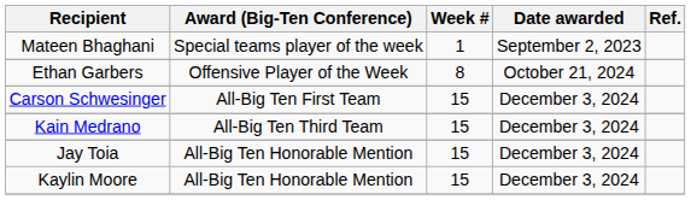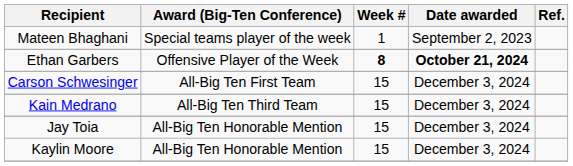 <table class="wikitable sortable" style="text-align:center">
 <tr>
 <th>Recipient</th>
 <th>Award (Big-Ten Conference)</th>
 <th>Week #</th>
 <th>Date awarded</th>
 <th>Ref.</th>
 </tr>
 <tr>
 <td>Mateen Bhaghani</td>
 <td>Special teams player of the week</td>
 <td>1</td>
 <td>September 2, 2023</td>
 <td></td>
 </tr>
 <tr>
 </tr>
 <tr>
 <td>Ethan Garbers</td>
 <td>Offensive Player of the Week</td>
-<td>8</td>
-<td>October 21, 2024</td>
+<td><strong>8</strong></td>
+<td><strong>October 21, 2024</strong></td>
 <td></td>
 </tr>
 <tr>
 </tr>
 <tr>
 <td><a href='#'>Carson Schwesinger</a></td>
 <td>All-Big Ten First Team</td>
 <td>15</td>
 <td>December 3, 2024</td>
 <td></td>
 </tr>
 <tr>
 </tr>
 <tr>
 <td><a href='#'>Kain Medrano</a></td>
 <td>All-Big Ten Third Team</td>
 <td>15</td>
 <td>December 3, 2024</td>
 <td></td>
 </tr>
 <tr>
 </tr>
 <tr>
 <td>Jay Toia</td>
 <td>All-Big Ten Honorable Mention</td>
 <td>15</td>
 <td>December 3, 2024</td>
 <td></td>
 </tr>
 <tr |->
 <td>Kaylin Moore</td>
 <td>All-Big Ten Honorable Mention</td>
 <td>15</td>
 <td>December 3, 2024</td>
 <td></td>
 </tr>
 <tr>
 </tr>
 </table>
